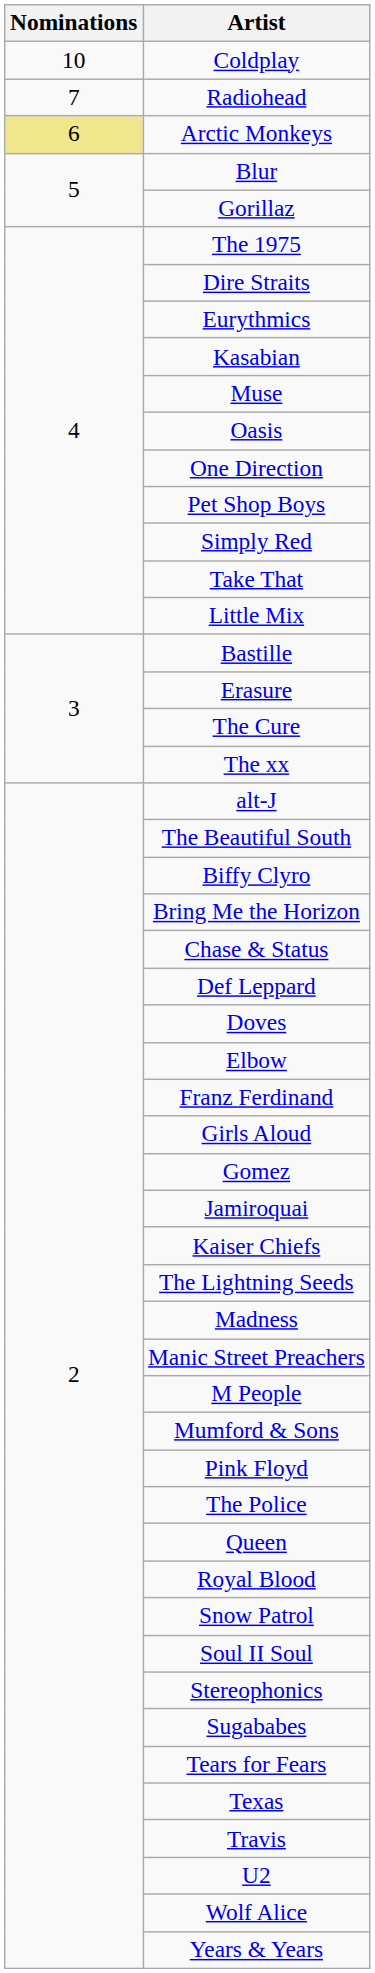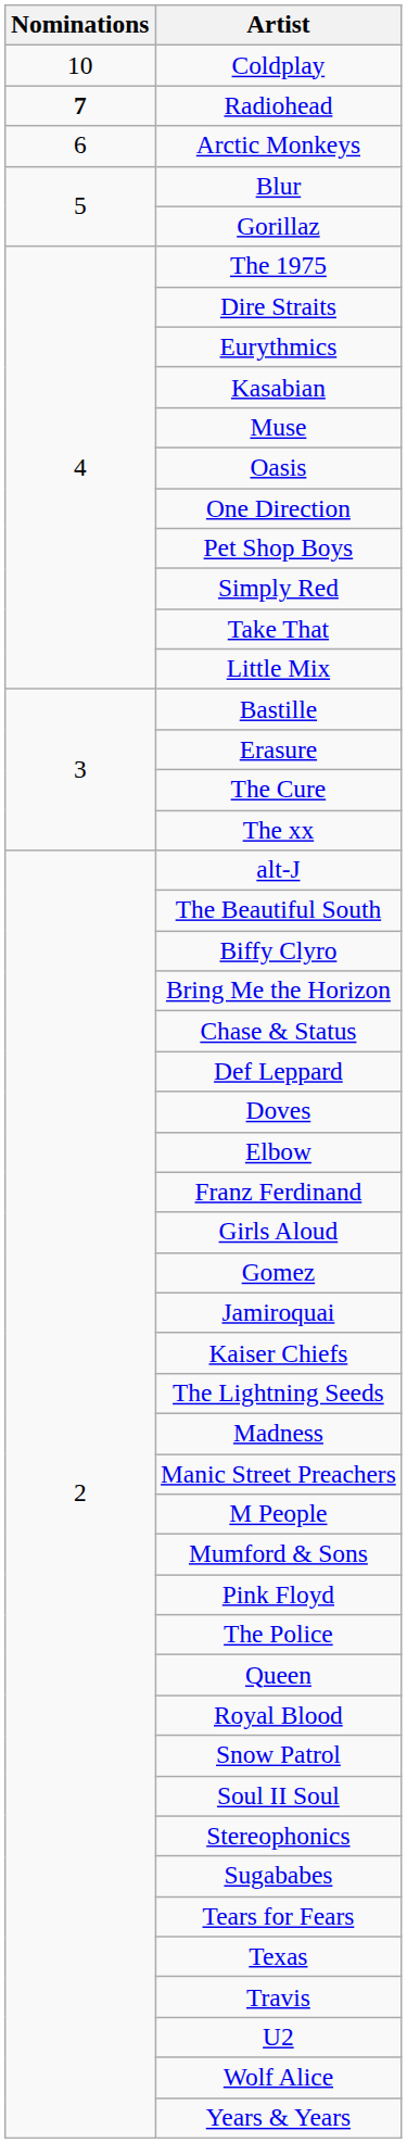 <table class="wikitable" rowspan="2" style="text-align:center;">
 <tr>
 <th scope="col" style="width:55px;">Nominations</th>
 <th scope="col" style="text-align:center;">Artist</th>
 </tr>
 <tr>
 <td>10</td>
 <td><a href='#'>Coldplay</a></td>
 </tr>
 <tr>
-<td rowspan="1">7</td>
+<td rowspan="1"><strong>7</strong></td>
 <td><a href='#'>Radiohead</a></td>
 </tr>
 <tr>
-<td rowspan="1" style="background: khaki;">6</td>
+<td rowspan="1">6</td>
 <td><a href='#'>Arctic Monkeys</a></td>
 </tr>
 <tr>
 <td rowspan="2">5</td>
 <td><a href='#'>Blur</a></td>
 </tr>
 <tr>
 <td><a href='#'>Gorillaz</a></td>
 </tr>
 <tr>
 <td rowspan="11">4</td>
 <td><a href='#'>The 1975</a></td>
 </tr>
 <tr>
 <td><a href='#'>Dire Straits</a></td>
 </tr>
 <tr>
 <td><a href='#'>Eurythmics</a></td>
 </tr>
 <tr>
 <td><a href='#'>Kasabian</a></td>
 </tr>
 <tr>
 <td><a href='#'>Muse</a></td>
 </tr>
 <tr>
 <td><a href='#'>Oasis</a></td>
 </tr>
 <tr>
 <td><a href='#'>One Direction</a></td>
 </tr>
 <tr>
 <td><a href='#'>Pet Shop Boys</a></td>
 </tr>
 <tr>
 <td><a href='#'>Simply Red</a></td>
 </tr>
 <tr>
 <td><a href='#'>Take That</a></td>
 </tr>
 <tr>
 <td><a href='#'>Little Mix</a></td>
 </tr>
 <tr>
 <td rowspan="4">3</td>
 <td><a href='#'>Bastille</a></td>
 </tr>
 <tr>
 <td><a href='#'>Erasure</a></td>
 </tr>
 <tr>
 <td><a href='#'>The Cure</a></td>
 </tr>
 <tr>
 <td><a href='#'>The xx</a></td>
 </tr>
 <tr>
 <td rowspan="32">2</td>
 <td><a href='#'>alt-J</a></td>
 </tr>
 <tr>
 <td><a href='#'>The Beautiful South</a></td>
 </tr>
 <tr>
 <td><a href='#'>Biffy Clyro</a></td>
 </tr>
 <tr>
 <td><a href='#'>Bring Me the Horizon</a></td>
 </tr>
 <tr>
 <td><a href='#'>Chase & Status</a></td>
 </tr>
 <tr>
 <td><a href='#'>Def Leppard</a></td>
 </tr>
 <tr>
 <td><a href='#'>Doves</a></td>
 </tr>
 <tr>
 <td><a href='#'>Elbow</a></td>
 </tr>
 <tr>
 <td><a href='#'>Franz Ferdinand</a></td>
 </tr>
 <tr>
 <td><a href='#'>Girls Aloud</a></td>
 </tr>
 <tr>
 <td><a href='#'>Gomez</a></td>
 </tr>
 <tr>
 <td><a href='#'>Jamiroquai</a></td>
 </tr>
 <tr>
 <td><a href='#'>Kaiser Chiefs</a></td>
 </tr>
 <tr>
 <td><a href='#'>The Lightning Seeds</a></td>
 </tr>
 <tr>
 <td><a href='#'>Madness</a></td>
 </tr>
 <tr>
 <td><a href='#'>Manic Street Preachers</a></td>
 </tr>
 <tr>
 <td><a href='#'>M People</a></td>
 </tr>
 <tr>
 <td><a href='#'>Mumford & Sons</a></td>
 </tr>
 <tr>
 <td><a href='#'>Pink Floyd</a></td>
 </tr>
 <tr>
 <td><a href='#'>The Police</a></td>
 </tr>
 <tr>
 <td><a href='#'>Queen</a></td>
 </tr>
 <tr>
 <td><a href='#'>Royal Blood</a></td>
 </tr>
 <tr>
 <td><a href='#'>Snow Patrol</a></td>
 </tr>
 <tr>
 <td><a href='#'>Soul II Soul</a></td>
 </tr>
 <tr>
 <td><a href='#'>Stereophonics</a></td>
 </tr>
 <tr>
 <td><a href='#'>Sugababes</a></td>
 </tr>
 <tr>
 <td><a href='#'>Tears for Fears</a></td>
 </tr>
 <tr>
 <td><a href='#'>Texas</a></td>
 </tr>
 <tr>
 <td><a href='#'>Travis</a></td>
 </tr>
 <tr>
 <td><a href='#'>U2</a></td>
 </tr>
 <tr>
 <td><a href='#'>Wolf Alice</a></td>
 </tr>
 <tr>
 <td><a href='#'>Years & Years</a></td>
 </tr>
 </table>
